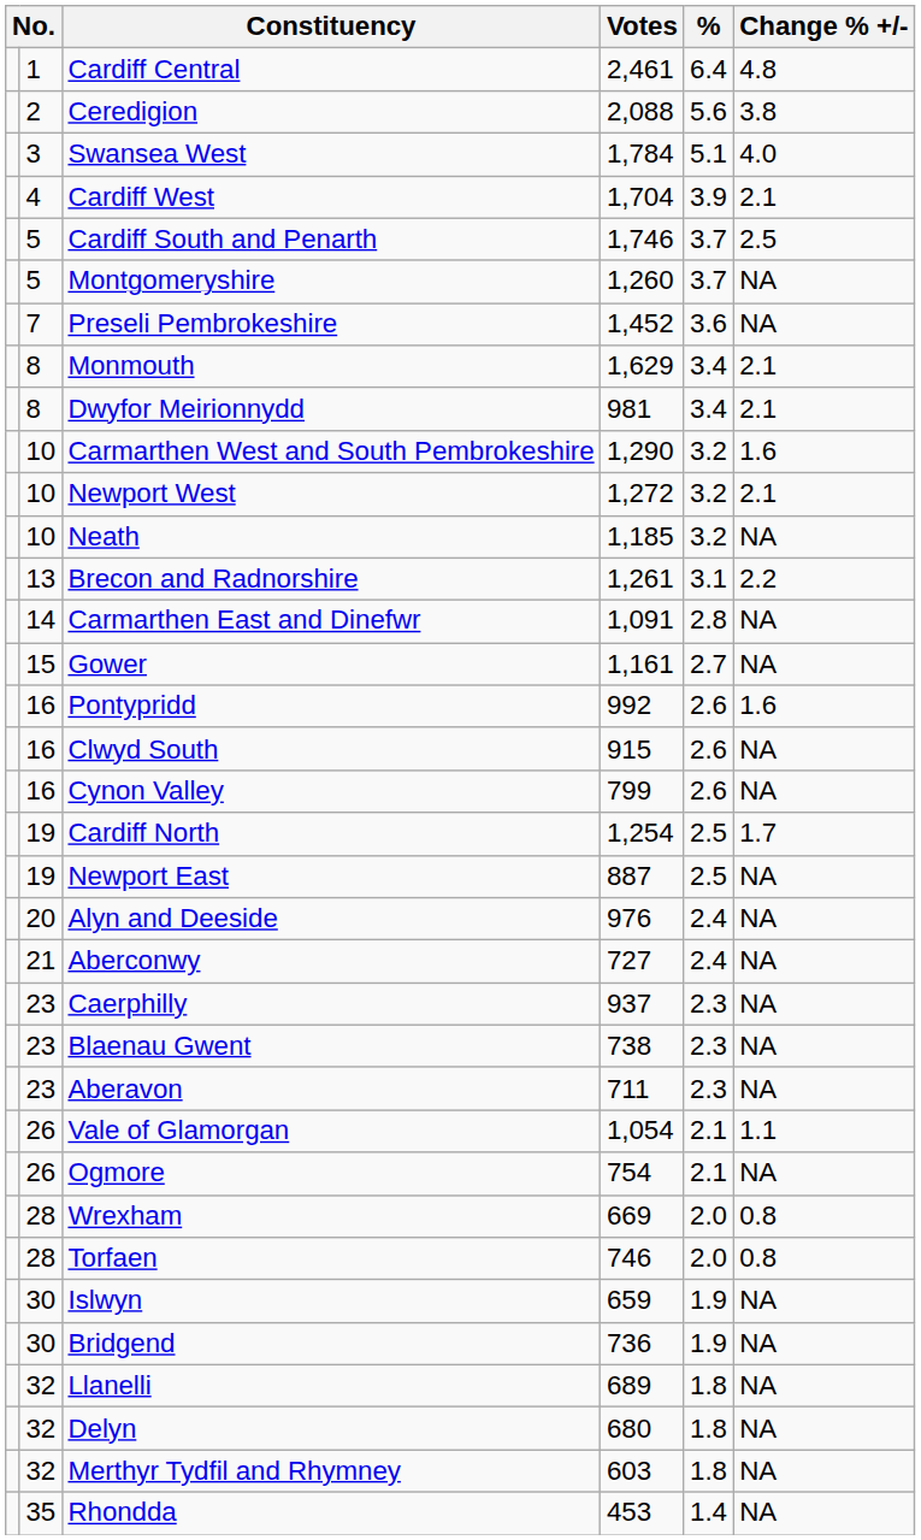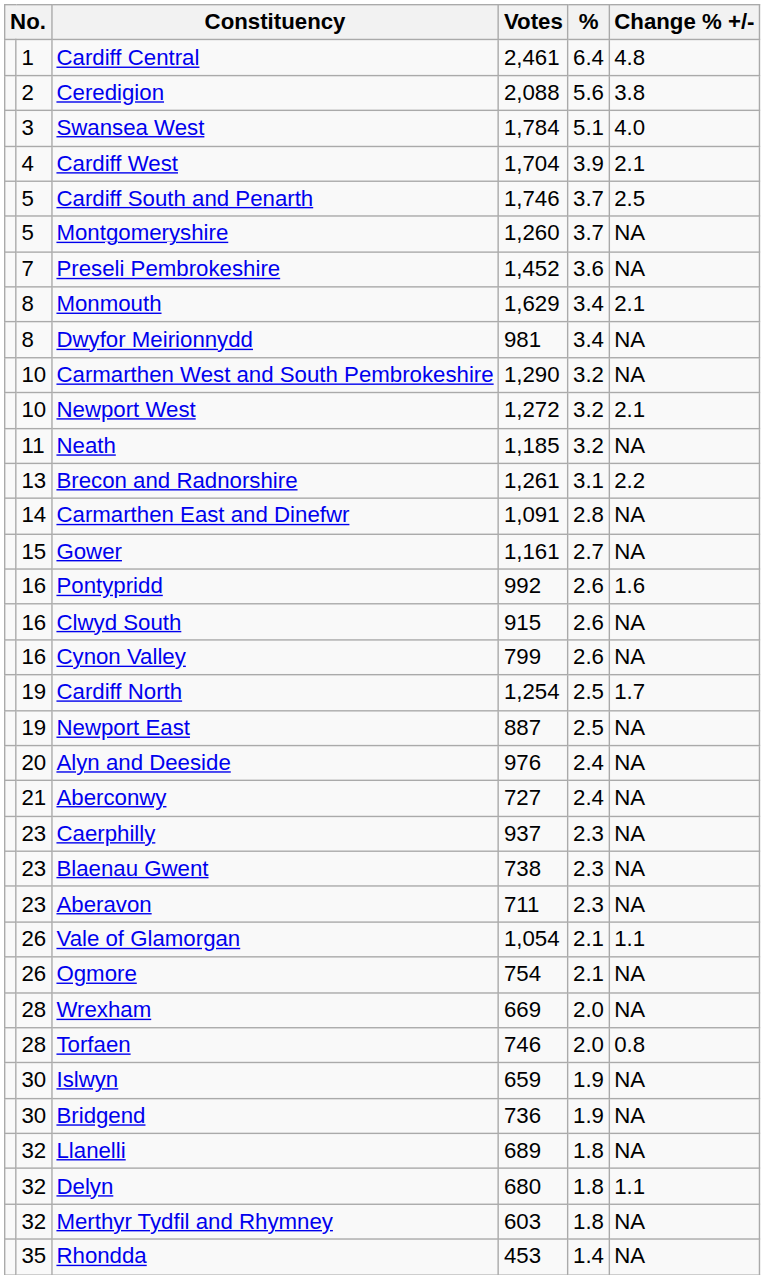 <table class="wikitable sortable collapsible collapsed">
 <tr>
 <th colspan="2">No.</th>
 <th>Constituency</th>
 <th>Votes</th>
 <th>%</th>
 <th>Change % +/-</th>
 </tr>
 <tr>
 <td width="1" style="color:inherit;background:"></td>
 <td>1</td>
 <td><a href='#'>Cardiff Central</a></td>
 <td>2,461</td>
 <td>6.4</td>
 <td> 4.8</td>
 </tr>
 <tr>
 <td style="color:inherit;background:"></td>
 <td>2</td>
 <td><a href='#'>Ceredigion</a></td>
 <td>2,088</td>
 <td>5.6</td>
 <td> 3.8</td>
 </tr>
 <tr>
 <td style="color:inherit;background:"></td>
 <td>3</td>
 <td><a href='#'>Swansea West</a></td>
 <td>1,784</td>
 <td>5.1</td>
 <td> 4.0</td>
 </tr>
 <tr>
 <td style="color:inherit;background:"></td>
 <td>4</td>
 <td><a href='#'>Cardiff West</a></td>
 <td>1,704</td>
 <td>3.9</td>
 <td> 2.1</td>
 </tr>
 <tr>
 <td style="color:inherit;background:"></td>
 <td>5</td>
 <td><a href='#'>Cardiff South and Penarth</a></td>
 <td>1,746</td>
 <td>3.7</td>
 <td> 2.5</td>
 </tr>
 <tr>
 <td style="color:inherit;background:"></td>
 <td>5</td>
 <td><a href='#'>Montgomeryshire</a></td>
 <td>1,260</td>
 <td>3.7</td>
 <td>NA</td>
 </tr>
 <tr>
 <td style="color:inherit;background:"></td>
 <td>7</td>
 <td><a href='#'>Preseli Pembrokeshire</a></td>
 <td>1,452</td>
 <td>3.6</td>
 <td>NA</td>
 </tr>
 <tr>
 <td style="color:inherit;background:"></td>
 <td>8</td>
 <td><a href='#'>Monmouth</a></td>
 <td>1,629</td>
 <td>3.4</td>
 <td> 2.1</td>
 </tr>
 <tr>
 <td style="color:inherit;background:"></td>
 <td>8</td>
 <td><a href='#'>Dwyfor Meirionnydd</a></td>
 <td>981</td>
 <td>3.4</td>
-<td> 2.1</td>
+<td>NA</td>
 </tr>
 <tr>
 <td style="color:inherit;background:"></td>
 <td>10</td>
 <td><a href='#'>Carmarthen West and South Pembrokeshire</a></td>
 <td>1,290</td>
 <td>3.2</td>
-<td> 1.6</td>
+<td>NA</td>
 </tr>
 <tr>
 <td style="color:inherit;background:"></td>
 <td>10</td>
 <td><a href='#'>Newport West</a></td>
 <td>1,272</td>
 <td>3.2</td>
 <td> 2.1</td>
 </tr>
 <tr>
 <td style="color:inherit;background:"></td>
-<td>10</td>
+<td>11</td>
 <td><a href='#'>Neath</a></td>
 <td>1,185</td>
 <td>3.2</td>
 <td>NA</td>
 </tr>
 <tr>
 <td style="color:inherit;background:"></td>
 <td>13</td>
 <td><a href='#'>Brecon and Radnorshire</a></td>
 <td>1,261</td>
 <td>3.1</td>
 <td> 2.2</td>
 </tr>
 <tr>
 <td style="color:inherit;background:"></td>
 <td>14</td>
 <td><a href='#'>Carmarthen East and Dinefwr</a></td>
 <td>1,091</td>
 <td>2.8</td>
 <td>NA</td>
 </tr>
 <tr>
 <td style="color:inherit;background:"></td>
 <td>15</td>
 <td><a href='#'>Gower</a></td>
 <td>1,161</td>
 <td>2.7</td>
 <td>NA</td>
 </tr>
 <tr>
 <td style="color:inherit;background:"></td>
 <td>16</td>
 <td><a href='#'>Pontypridd</a></td>
 <td>992</td>
 <td>2.6</td>
 <td> 1.6</td>
 </tr>
 <tr>
 <td style="color:inherit;background:"></td>
 <td>16</td>
 <td><a href='#'>Clwyd South</a></td>
 <td>915</td>
 <td>2.6</td>
 <td>NA</td>
 </tr>
 <tr>
 <td style="color:inherit;background:"></td>
 <td>16</td>
 <td><a href='#'>Cynon Valley</a></td>
 <td>799</td>
 <td>2.6</td>
 <td>NA</td>
 </tr>
 <tr>
 <td style="color:inherit;background:"></td>
 <td>19</td>
 <td><a href='#'>Cardiff North</a></td>
 <td>1,254</td>
 <td>2.5</td>
 <td> 1.7</td>
 </tr>
 <tr>
 <td style="color:inherit;background:"></td>
 <td>19</td>
 <td><a href='#'>Newport East</a></td>
 <td>887</td>
 <td>2.5</td>
 <td>NA</td>
 </tr>
 <tr>
 <td style="color:inherit;background:"></td>
 <td>20</td>
 <td><a href='#'>Alyn and Deeside</a></td>
 <td>976</td>
 <td>2.4</td>
 <td>NA</td>
 </tr>
 <tr>
 <td style="color:inherit;background:"></td>
 <td>21</td>
 <td><a href='#'>Aberconwy</a></td>
 <td>727</td>
 <td>2.4</td>
 <td>NA</td>
 </tr>
 <tr>
 <td style="color:inherit;background:"></td>
 <td>23</td>
 <td><a href='#'>Caerphilly</a></td>
 <td>937</td>
 <td>2.3</td>
 <td>NA</td>
 </tr>
 <tr>
 <td style="color:inherit;background:"></td>
 <td>23</td>
 <td><a href='#'>Blaenau Gwent</a></td>
 <td>738</td>
 <td>2.3</td>
 <td>NA</td>
 </tr>
 <tr>
 <td style="color:inherit;background:"></td>
 <td>23</td>
 <td><a href='#'>Aberavon</a></td>
 <td>711</td>
 <td>2.3</td>
 <td>NA</td>
 </tr>
 <tr>
 <td style="color:inherit;background:"></td>
 <td>26</td>
 <td><a href='#'>Vale of Glamorgan</a></td>
 <td>1,054</td>
 <td>2.1</td>
 <td> 1.1</td>
 </tr>
 <tr>
 <td style="color:inherit;background:"></td>
 <td>26</td>
 <td><a href='#'>Ogmore</a></td>
 <td>754</td>
 <td>2.1</td>
 <td>NA</td>
 </tr>
 <tr>
 <td style="color:inherit;background:"></td>
 <td>28</td>
 <td><a href='#'>Wrexham</a></td>
 <td>669</td>
 <td>2.0</td>
-<td> 0.8</td>
+<td>NA</td>
 </tr>
 <tr>
 <td style="color:inherit;background:"></td>
 <td>28</td>
 <td><a href='#'>Torfaen</a></td>
 <td>746</td>
 <td>2.0</td>
 <td> 0.8</td>
 </tr>
 <tr>
 <td style="color:inherit;background:"></td>
 <td>30</td>
 <td><a href='#'>Islwyn</a></td>
 <td>659</td>
 <td>1.9</td>
 <td>NA</td>
 </tr>
 <tr>
 <td style="color:inherit;background:"></td>
 <td>30</td>
 <td><a href='#'>Bridgend</a></td>
 <td>736</td>
 <td>1.9</td>
 <td>NA</td>
 </tr>
 <tr>
 <td style="color:inherit;background:"></td>
 <td>32</td>
 <td><a href='#'>Llanelli</a></td>
 <td>689</td>
 <td>1.8</td>
 <td>NA</td>
 </tr>
 <tr>
 <td style="color:inherit;background:"></td>
 <td>32</td>
 <td><a href='#'>Delyn</a></td>
 <td>680</td>
 <td>1.8</td>
-<td>NA</td>
+<td> 1.1</td>
 </tr>
 <tr>
 <td style="color:inherit;background:"></td>
 <td>32</td>
 <td><a href='#'>Merthyr Tydfil and Rhymney</a></td>
 <td>603</td>
 <td>1.8</td>
 <td>NA</td>
 </tr>
 <tr>
 <td style="color:inherit;background:"></td>
 <td>35</td>
 <td><a href='#'>Rhondda</a></td>
 <td>453</td>
 <td>1.4</td>
 <td>NA</td>
 </tr>
 </table>
